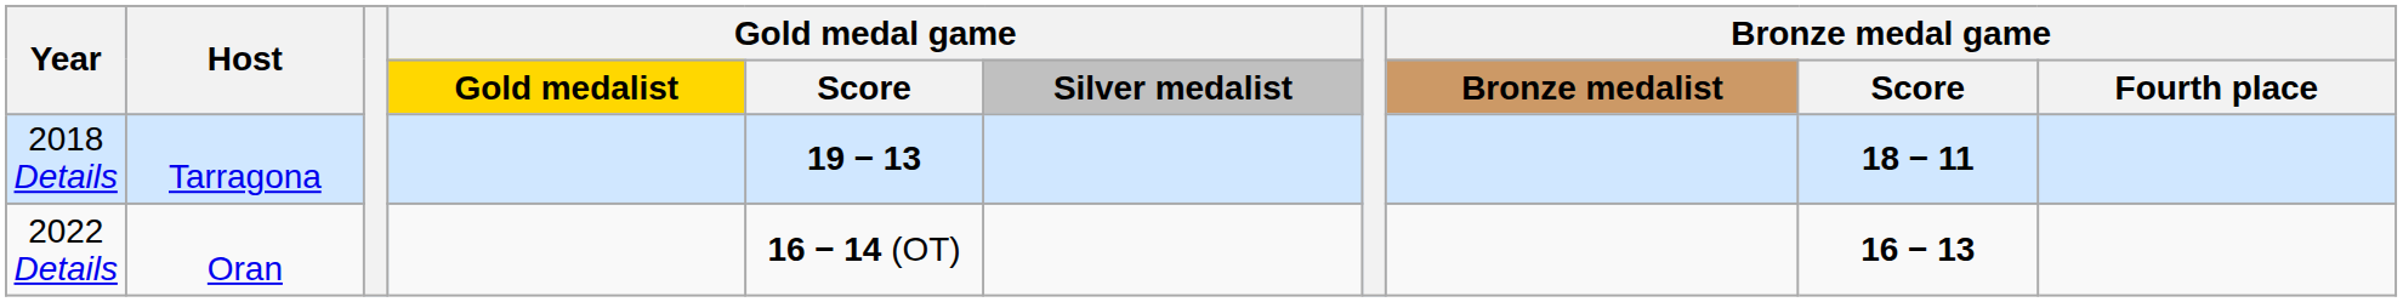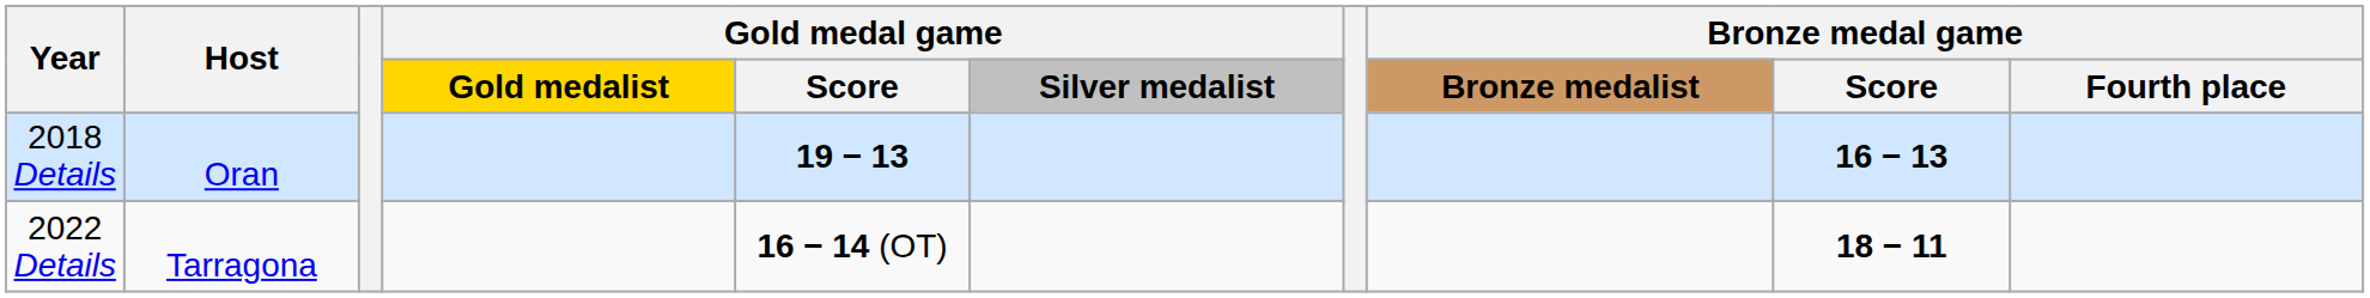 <table class=wikitable style="text-align:center; font-size:90%;">
 <tr bgcolor=#C1D8FF>
 <th rowspan=2 width=5%>Year</th>
 <th rowspan=2 width=10%>Host</th>
 <th width=1% rowspan=4 bgcolor=ffffff></th>
 <th colspan=3>Gold medal game</th>
 <th width=1% rowspan=4 bgcolor=ffffff></th>
 <th colspan=3>Bronze medal game</th>
 </tr>
 <tr bgcolor=#EFEFEF>
 <th style="background:gold; width=15%"> Gold medalist</th>
 <th width=10%>Score</th>
 <th style="background:silver; width=15%"> Silver medalist</th>
 <th style="background:#cc9966; width=15%"> Bronze medalist</th>
 <th width=10%>Score</th>
 <th width=15%>Fourth place</th>
 </tr>
 <tr bgcolor=#D0E7FF>
 <td>2018<br><em><a href='#'>Details</a></em></td>
+<td><br><a href='#'>Oran</a></td>
+<td><strong></strong></td>
+<td><strong>19 − 13 </strong></td>
+<td></td>
+<td></td>
+<td><strong>16 − 13 </strong></td>
+<td></td>
+</tr>
+<tr>
+<td>2022<br><em><a href='#'>Details</a></em></td>
 <td><br><a href='#'>Tarragona</a></td>
 <td><strong></strong></td>
-<td><strong>19 − 13 </strong></td>
+<td><strong>16 − 14</strong> (OT)</td>
 <td></td>
 <td></td>
 <td><strong>18 − 11</strong></td>
 <td></td>
 </tr>
-<tr>
-<td>2022<br><em><a href='#'>Details</a></em></td>
-<td><br><a href='#'>Oran</a></td>
-<td><strong></strong></td>
-<td><strong>16 − 14</strong> (OT)</td>
-<td></td>
-<td></td>
-<td><strong>16 − 13 </strong></td>
-<td></td>
-</tr>
 </table>
